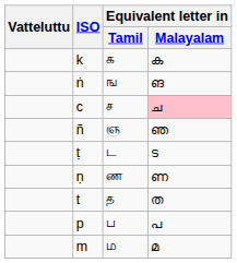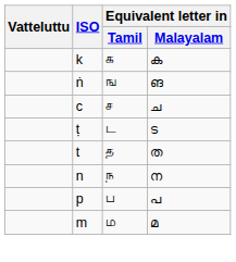 <table class="wikitable" style="display: inline-table;">
 <tr>
 <th rowspan="2">Vatteluttu</th>
 <th rowspan="2"><a href='#'>ISO</a></th>
 <th colspan="2">Equivalent letter in</th>
 </tr>
 <tr>
 <th><a href='#'>Tamil</a></th>
 <th><a href='#'>Malayalam</a></th>
 </tr>
 <tr>
 <td></td>
 <td>k</td>
 <td>க</td>
 <td>ക</td>
 </tr>
 <tr>
 <td></td>
 <td>ṅ</td>
 <td>ங</td>
 <td>ങ</td>
 </tr>
 <tr>
 <td></td>
 <td>c</td>
 <td>ச</td>
-<td style="background: pink;">ച</td>
-</tr>
-<tr>
-<td></td>
-<td>ñ</td>
-<td>ஞ</td>
-<td>ഞ</td>
+<td>ച</td>
 </tr>
 <tr>
 <td></td>
 <td>ṭ</td>
 <td>ட</td>
 <td>ട</td>
 </tr>
 <tr>
 <td></td>
-<td>ṇ</td>
-<td>ண</td>
-<td>ണ</td>
+<td>t</td>
+<td>த</td>
+<td>ത</td>
 </tr>
 <tr>
 <td></td>
-<td>t</td>
-<td>த</td>
-<td>ത</td>
+<td>n</td>
+<td>ந</td>
+<td>ന</td>
 </tr>
 <tr>
 <td></td>
 <td>p</td>
 <td>ப</td>
 <td>പ</td>
 </tr>
 <tr>
 <td></td>
 <td>m</td>
 <td>ம</td>
 <td>മ</td>
 </tr>
 </table>
